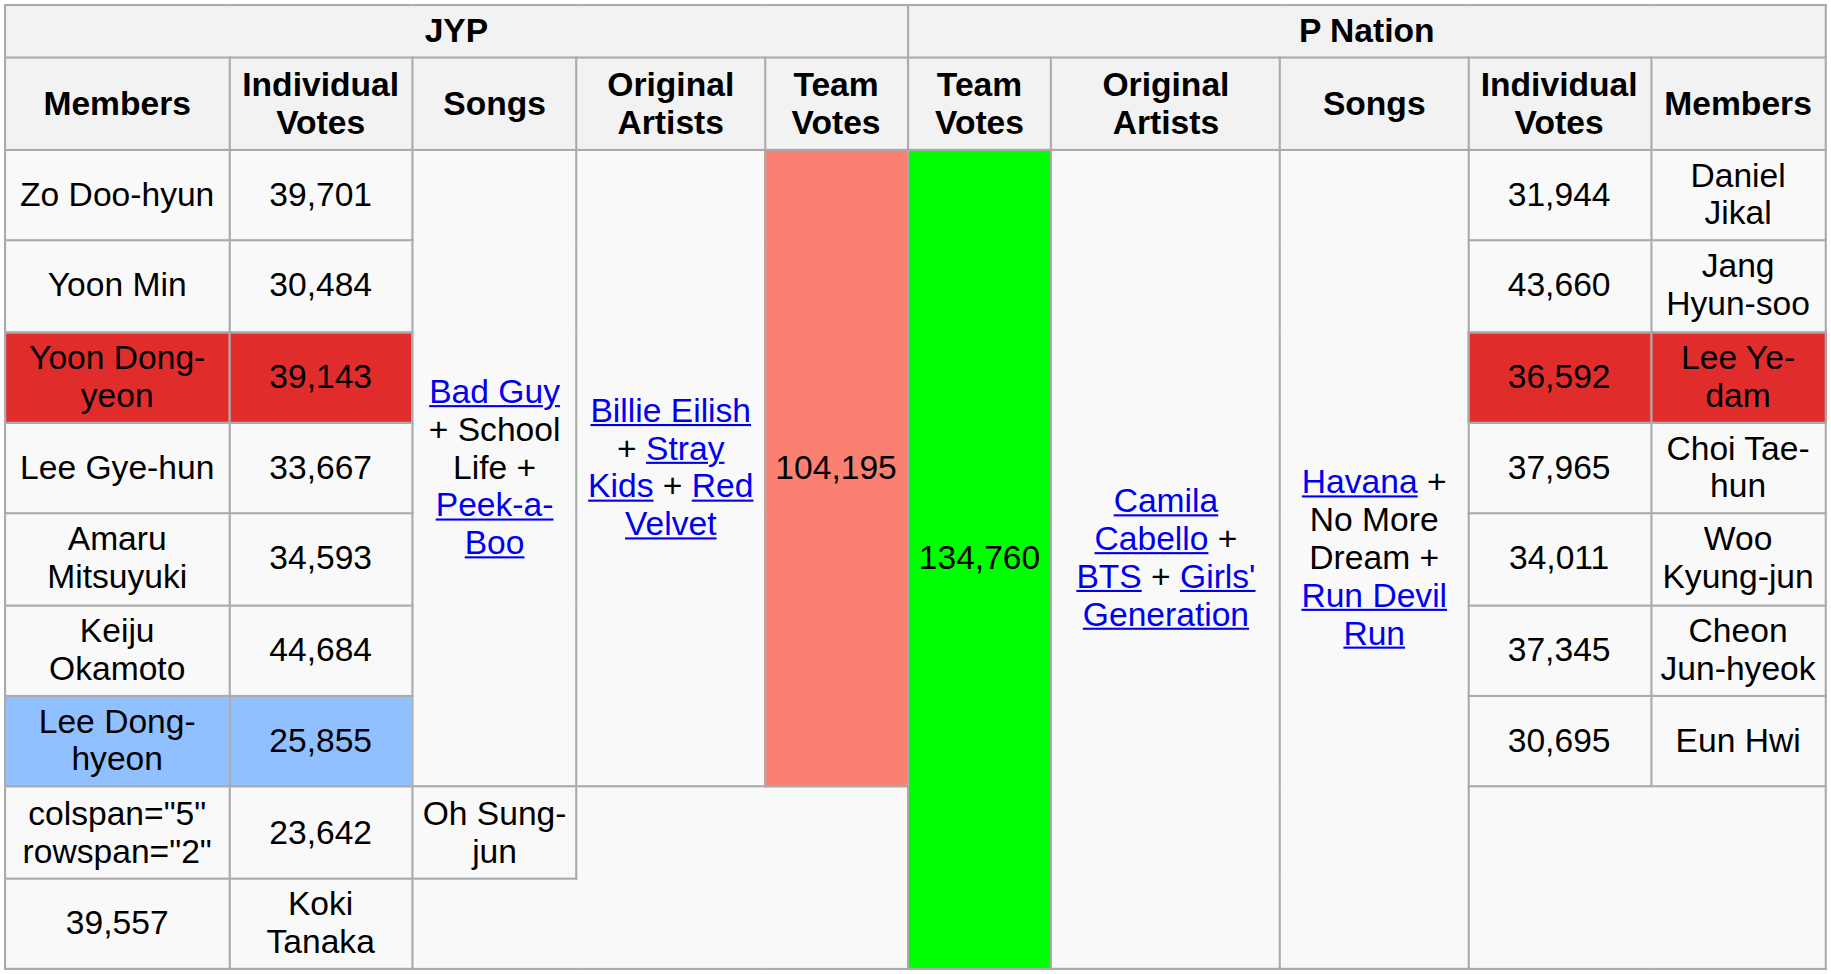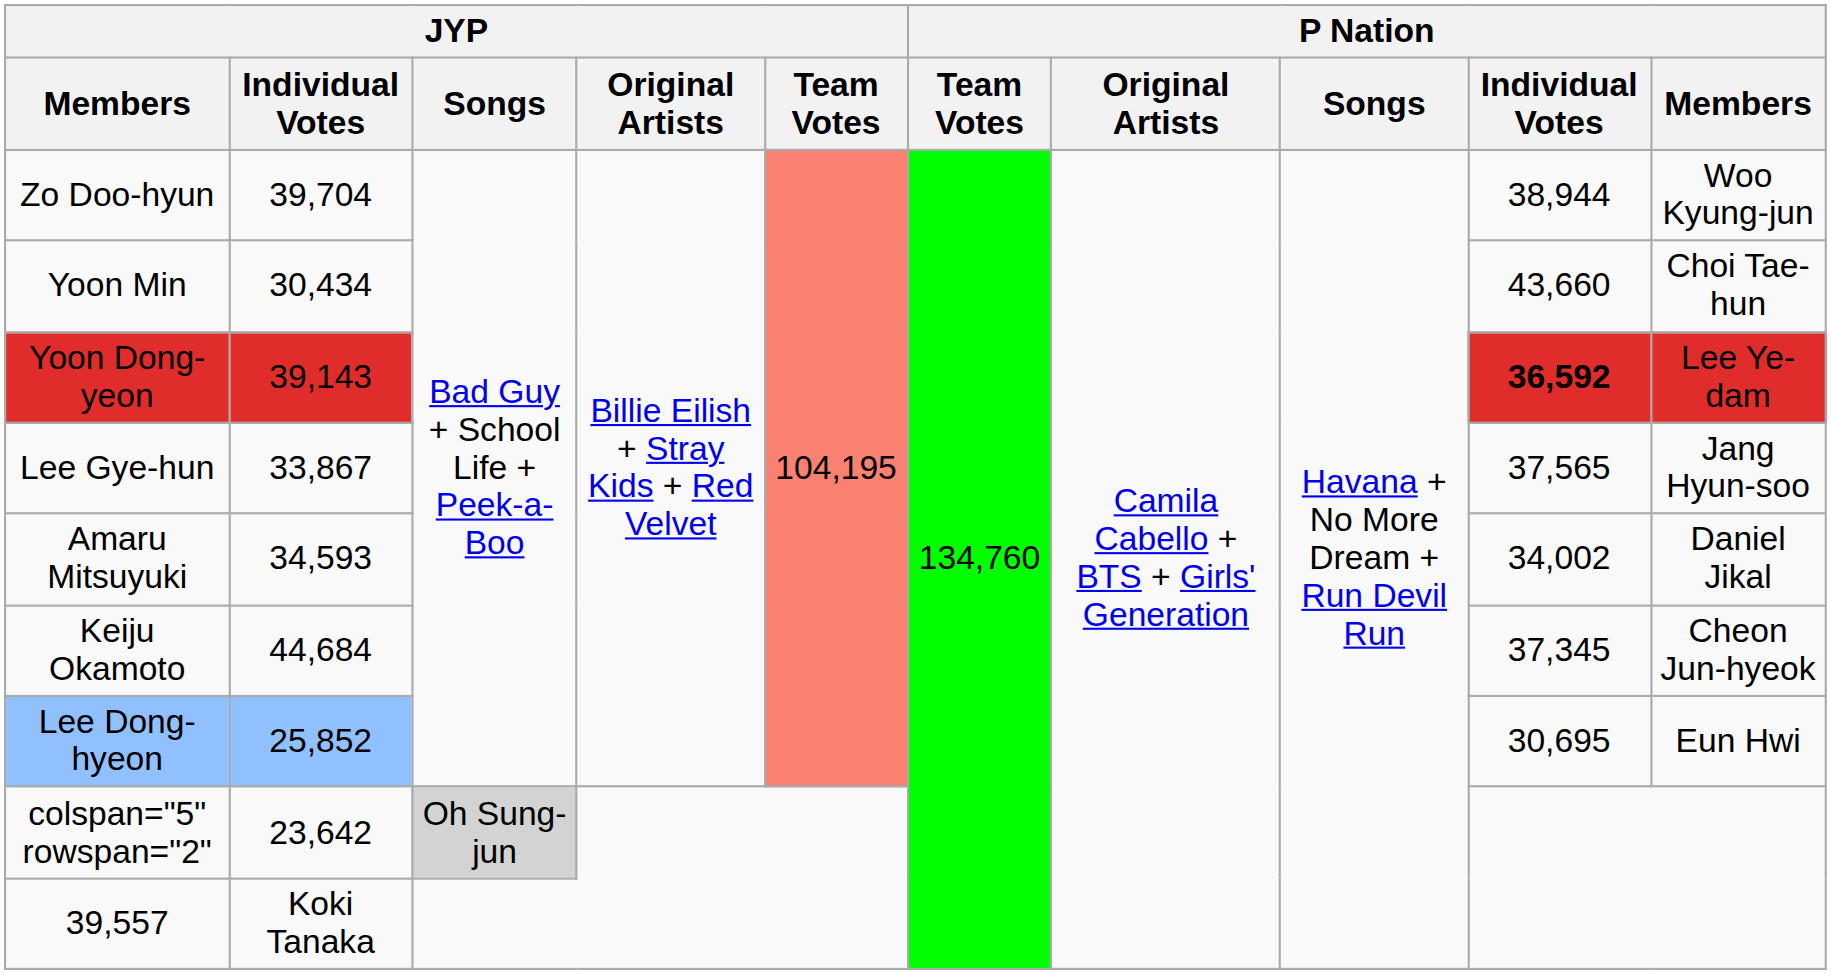 <table class="wikitable" style="text-align:center;">
 <tr>
 <th colspan="5">JYP</th>
 <th colspan="5">P Nation</th>
 </tr>
 <tr>
 <th>Members</th>
 <th>Individual Votes</th>
 <th>Songs</th>
 <th>Original Artists</th>
 <th>Team Votes</th>
 <th>Team Votes</th>
 <th>Original Artists</th>
 <th>Songs</th>
 <th>Individual Votes</th>
 <th>Members</th>
 </tr>
 <tr>
 <td>Zo Doo-hyun</td>
-<td>39,701</td>
+<td>39,704</td>
 <td rowspan="7"><a href='#'>Bad Guy</a> + School Life + <a href='#'>Peek-a-Boo</a></td>
 <td rowspan="7"><a href='#'>Billie Eilish</a> + <a href='#'>Stray Kids</a> + <a href='#'>Red Velvet</a></td>
 <td rowspan="7" style="background:salmon;">104,195</td>
 <td rowspan="9" style="background:#00FF00;">134,760</td>
 <td rowspan="9"><a href='#'>Camila Cabello</a> + <a href='#'>BTS</a> + <a href='#'>Girls' Generation</a></td>
 <td rowspan="9"><a href='#'>Havana</a> + No More Dream + <a href='#'>Run Devil Run</a></td>
-<td>31,944</td>
-<td>Daniel Jikal</td>
+<td>38,944</td>
+<td>Woo Kyung-jun</td>
 </tr>
 <tr>
 <td>Yoon Min</td>
-<td>30,484</td>
+<td>30,434</td>
 <td>43,660</td>
-<td>Jang Hyun-soo</td>
+<td>Choi Tae-hun</td>
 </tr>
 <tr>
 <td style="background:#E12C2C;">Yoon Dong-yeon</td>
 <td style="background:#E12C2C;">39,143</td>
-<td style="background:#E12C2C;">36,592</td>
+<td style="background:#E12C2C;"><strong>36,592</strong></td>
 <td style="background:#E12C2C;">Lee Ye-dam</td>
 </tr>
 <tr>
 <td>Lee Gye-hun</td>
-<td>33,667</td>
-<td>37,965</td>
-<td>Choi Tae-hun</td>
+<td>33,867</td>
+<td>37,565</td>
+<td>Jang Hyun-soo</td>
 </tr>
 <tr>
 <td>Amaru Mitsuyuki</td>
 <td>34,593</td>
-<td>34,011</td>
-<td>Woo Kyung-jun</td>
+<td>34,002</td>
+<td>Daniel Jikal</td>
 </tr>
 <tr>
 <td>Keiju Okamoto</td>
 <td>44,684</td>
 <td>37,345</td>
 <td>Cheon Jun-hyeok</td>
 </tr>
 <tr>
 <td style="background:#90C0FF;">Lee Dong-hyeon</td>
-<td style="background:#90C0FF;">25,855</td>
+<td style="background:#90C0FF;">25,852</td>
 <td>30,695</td>
 <td>Eun Hwi</td>
 </tr>
 <tr>
 <td>colspan="5" rowspan="2" </td>
 <td>23,642</td>
-<td>Oh Sung-jun</td>
+<td style="background: lightgrey;">Oh Sung-jun</td>
 </tr>
 <tr>
 <td>39,557</td>
 <td>Koki Tanaka</td>
 </tr>
 <tr>
 </tr>
 </table>
